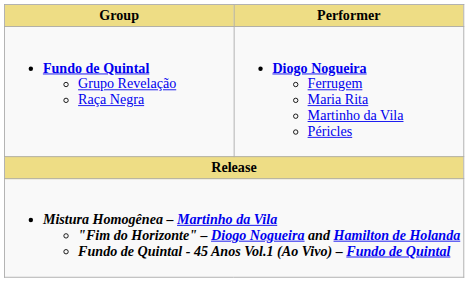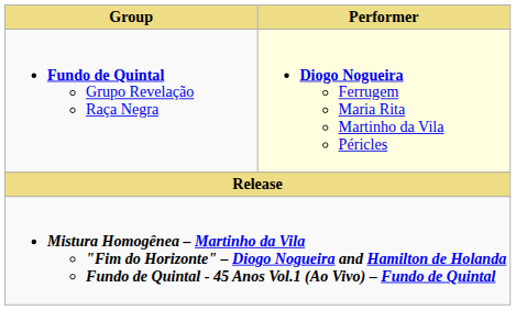 <table class="wikitable" style="width=">
 <tr>
 <th style="background:#EEDD85; width:50%">Group</th>
 <th style="background:#EEDD85; width:50%">Performer</th>
 </tr>
 <tr>
 <td style="vertical-align:top"><br><ul><li><strong><a href='#'>Fundo de Quintal</a></strong><ul><li><a href='#'>Grupo Revelação</a></li><li><a href='#'>Raça Negra</a></li></ul></li></ul></td>
-<td style="vertical-align:top"><br><ul><li><strong><a href='#'>Diogo Nogueira</a></strong><ul><li><a href='#'>Ferrugem</a></li><li><a href='#'>Maria Rita</a></li><li><a href='#'>Martinho da Vila</a></li><li><a href='#'>Péricles</a></li></ul></li></ul></td>
+<td style="background: lightyellow; vertical-align:top"><br><ul><li><strong><a href='#'>Diogo Nogueira</a></strong><ul><li><a href='#'>Ferrugem</a></li><li><a href='#'>Maria Rita</a></li><li><a href='#'>Martinho da Vila</a></li><li><a href='#'>Péricles</a></li></ul></li></ul></td>
 </tr>
 <tr>
 <th colspan="2" style="background:#EEDD85; width:50%">Release</th>
 </tr>
 <tr>
 <td colspan="2" style="vertical-align:top"><br><ul><li><strong><em>Mistura Homogênea<em> – <a href='#'>Martinho da Vila</a><strong><ul><li>"Fim do Horizonte" – <a href='#'>Diogo Nogueira</a> and <a href='#'>Hamilton de Holanda</a></li><li></em>Fundo de Quintal - 45 Anos Vol.1 (Ao Vivo)<em> – <a href='#'>Fundo de Quintal</a></li></ul></li></ul></td>
 </tr>
 </table>
